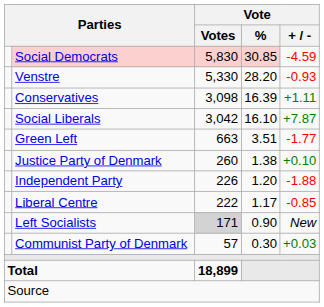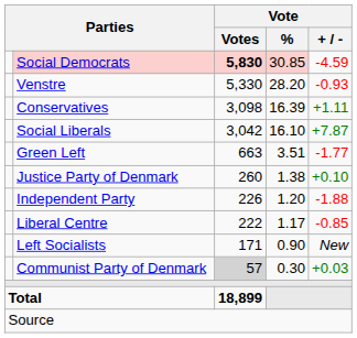 <table class="wikitable" style="text-align:right;">
 <tr>
 <th style="text-align:centre;" rowspan="2" colspan="2" width="225">Parties</th>
 <th colspan="3">Vote</th>
 </tr>
 <tr>
 <th width="15">Votes</th>
 <th width="15">%</th>
 <th width="15">+ / -</th>
 </tr>
 <tr>
 <td width="2" style="color:inherit;background:"></td>
 <td bgcolor=#fbd0ce  align="left"><a href='#'>Social Democrats</a></td>
-<td bgcolor=#fbd0ce>5,830</td>
+<td bgcolor=#fbd0ce><strong>5,830</strong></td>
 <td bgcolor=#fbd0ce>30.85</td>
 <td style=color:red;>-4.59</td>
 </tr>
 <tr>
 <td width="2" style="color:inherit;background:"></td>
 <td align="left"><a href='#'>Venstre</a></td>
 <td>5,330</td>
 <td>28.20</td>
 <td style=color:red;>-0.93</td>
 </tr>
 <tr>
 <td width="2" style="color:inherit;background:"></td>
 <td align="left"><a href='#'>Conservatives</a></td>
 <td>3,098</td>
 <td>16.39</td>
 <td style=color:green;>+1.11</td>
 </tr>
 <tr>
 <td width="2" style="color:inherit;background:"></td>
 <td align="left"><a href='#'>Social Liberals</a></td>
 <td>3,042</td>
 <td>16.10</td>
 <td style=color:green;>+7.87</td>
 </tr>
 <tr>
 <td width="2" style="color:inherit;background:"></td>
 <td align="left"><a href='#'>Green Left</a></td>
 <td>663</td>
 <td>3.51</td>
 <td style=color:red;>-1.77</td>
 </tr>
 <tr>
 <td width="2" style="color:inherit;background:"></td>
 <td align="left"><a href='#'>Justice Party of Denmark</a></td>
 <td>260</td>
 <td>1.38</td>
 <td style=color:green;>+0.10</td>
 </tr>
 <tr>
 <td width="2" style="color:inherit;background:"></td>
 <td align="left"><a href='#'>Independent Party</a></td>
 <td>226</td>
 <td>1.20</td>
 <td style=color:red;>-1.88</td>
 </tr>
 <tr>
 <td width="2" style="color:inherit;background:"></td>
 <td align="left"><a href='#'>Liberal Centre</a></td>
 <td>222</td>
 <td>1.17</td>
 <td style=color:red;>-0.85</td>
 </tr>
 <tr>
 <td width="2" style="color:inherit;background:"></td>
 <td align="left"><a href='#'>Left Socialists</a></td>
-<td style="background: lightgrey;">171</td>
+<td>171</td>
 <td>0.90</td>
 <td><em>New</em></td>
 </tr>
 <tr>
 <td width="2" style="color:inherit;background:"></td>
 <td align="left"><a href='#'>Communist Party of Denmark</a></td>
-<td>57</td>
+<td style="background: lightgrey;">57</td>
 <td>0.30</td>
 <td style=color:green;>+0.03</td>
 </tr>
 <tr>
 <td colspan="7" bgcolor="#E9E9E9"></td>
 </tr>
 <tr>
 <td align="left" colspan="2"><strong>Total</strong></td>
 <td><strong>18,899</strong></td>
 <td bgcolor="#E9E9E9" colspan="2"></td>
 </tr>
 <tr>
 <td align="left" colspan="6">Source</td>
 </tr>
 </table>
